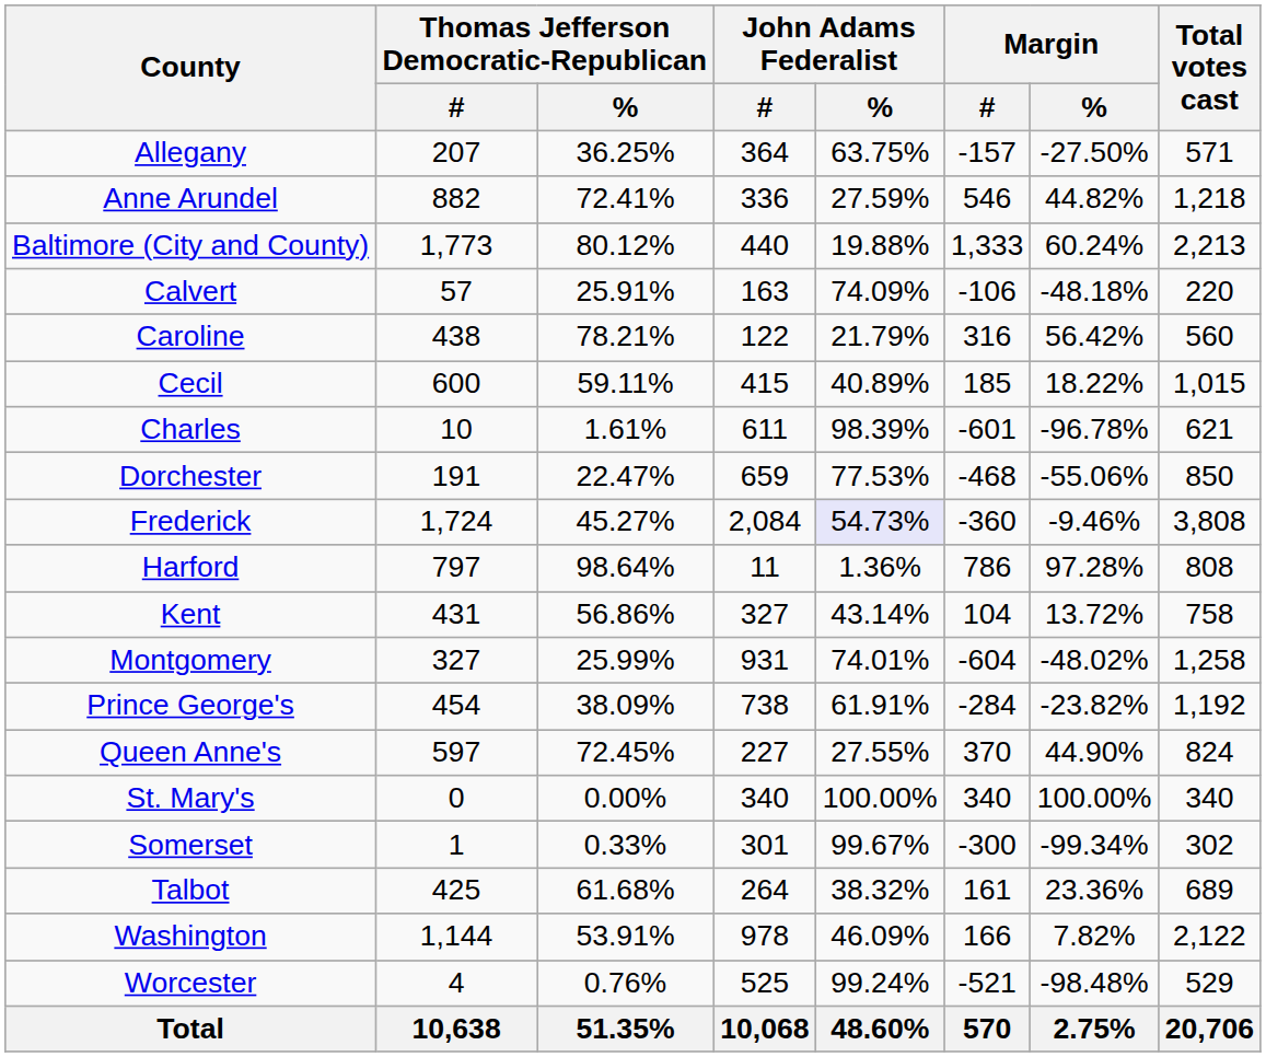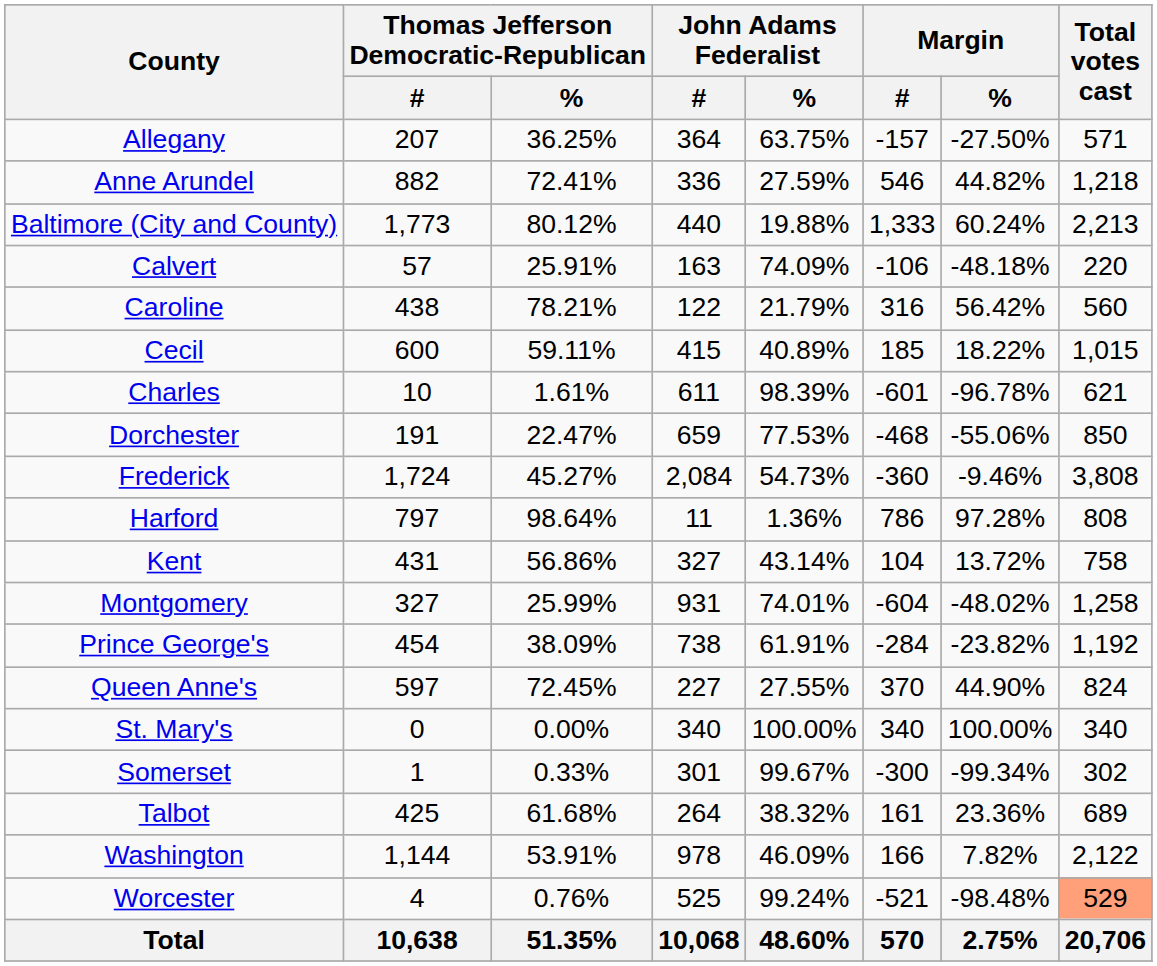 <table class="wikitable sortable">
 <tr>
 <th rowspan="2">County</th>
 <th colspan="2">Thomas Jefferson<br>Democratic-Republican</th>
 <th colspan="2">John Adams<br>Federalist</th>
 <th colspan="2">Margin</th>
 <th rowspan="2">Total<br>votes<br>cast</th>
 </tr>
 <tr>
 <th>#</th>
 <th>%</th>
 <th>#</th>
 <th>%</th>
 <th>#</th>
 <th>%</th>
 </tr>
 <tr style="text-align:center;">
 <td><a href='#'>Allegany</a></td>
 <td>207</td>
 <td>36.25%</td>
 <td>364</td>
 <td>63.75%</td>
 <td>-157</td>
 <td>-27.50%</td>
 <td>571</td>
 </tr>
 <tr style="text-align:center;">
 <td><a href='#'>Anne Arundel</a></td>
 <td>882</td>
 <td>72.41%</td>
 <td>336</td>
 <td>27.59%</td>
 <td>546</td>
 <td>44.82%</td>
 <td>1,218</td>
 </tr>
 <tr style="text-align:center;">
 <td><a href='#'>Baltimore (City and County)</a></td>
 <td>1,773</td>
 <td>80.12%</td>
 <td>440</td>
 <td>19.88%</td>
 <td>1,333</td>
 <td>60.24%</td>
 <td>2,213</td>
 </tr>
 <tr style="text-align:center;">
 <td><a href='#'>Calvert</a></td>
 <td>57</td>
 <td>25.91%</td>
 <td>163</td>
 <td>74.09%</td>
 <td>-106</td>
 <td>-48.18%</td>
 <td>220</td>
 </tr>
 <tr style="text-align:center;">
 <td><a href='#'>Caroline</a></td>
 <td>438</td>
 <td>78.21%</td>
 <td>122</td>
 <td>21.79%</td>
 <td>316</td>
 <td>56.42%</td>
 <td>560</td>
 </tr>
 <tr style="text-align:center;">
 <td><a href='#'>Cecil</a></td>
 <td>600</td>
 <td>59.11%</td>
 <td>415</td>
 <td>40.89%</td>
 <td>185</td>
 <td>18.22%</td>
 <td>1,015</td>
 </tr>
 <tr style="text-align:center;">
 <td><a href='#'>Charles</a></td>
 <td>10</td>
 <td>1.61%</td>
 <td>611</td>
 <td>98.39%</td>
 <td>-601</td>
 <td>-96.78%</td>
 <td>621</td>
 </tr>
 <tr style="text-align:center;">
 <td><a href='#'>Dorchester</a></td>
 <td>191</td>
 <td>22.47%</td>
 <td>659</td>
 <td>77.53%</td>
 <td>-468</td>
 <td>-55.06%</td>
 <td>850</td>
 </tr>
 <tr style="text-align:center;">
 <td><a href='#'>Frederick</a></td>
 <td>1,724</td>
 <td>45.27%</td>
 <td>2,084</td>
-<td style="background: lavender;">54.73%</td>
+<td>54.73%</td>
 <td>-360</td>
 <td>-9.46%</td>
 <td>3,808</td>
 </tr>
 <tr style="text-align:center;">
 <td><a href='#'>Harford</a></td>
 <td>797</td>
 <td>98.64%</td>
 <td>11</td>
 <td>1.36%</td>
 <td>786</td>
 <td>97.28%</td>
 <td>808</td>
 </tr>
 <tr style="text-align:center;">
 <td><a href='#'>Kent</a></td>
 <td>431</td>
 <td>56.86%</td>
 <td>327</td>
 <td>43.14%</td>
 <td>104</td>
 <td>13.72%</td>
 <td>758</td>
 </tr>
 <tr style="text-align:center;">
 <td><a href='#'>Montgomery</a></td>
 <td>327</td>
 <td>25.99%</td>
 <td>931</td>
 <td>74.01%</td>
 <td>-604</td>
 <td>-48.02%</td>
 <td>1,258</td>
 </tr>
 <tr style="text-align:center;">
 <td><a href='#'>Prince George's</a></td>
 <td>454</td>
 <td>38.09%</td>
 <td>738</td>
 <td>61.91%</td>
 <td>-284</td>
 <td>-23.82%</td>
 <td>1,192</td>
 </tr>
 <tr style="text-align:center;">
 <td><a href='#'>Queen Anne's</a></td>
 <td>597</td>
 <td>72.45%</td>
 <td>227</td>
 <td>27.55%</td>
 <td>370</td>
 <td>44.90%</td>
 <td>824</td>
 </tr>
 <tr style="text-align:center;">
 <td><a href='#'>St. Mary's</a></td>
 <td>0</td>
 <td>0.00%</td>
 <td>340</td>
 <td>100.00%</td>
 <td>340</td>
 <td>100.00%</td>
 <td>340</td>
 </tr>
 <tr style="text-align:center;">
 <td><a href='#'>Somerset</a></td>
 <td>1</td>
 <td>0.33%</td>
 <td>301</td>
 <td>99.67%</td>
 <td>-300</td>
 <td>-99.34%</td>
 <td>302</td>
 </tr>
 <tr style="text-align:center;">
 <td><a href='#'>Talbot</a></td>
 <td>425</td>
 <td>61.68%</td>
 <td>264</td>
 <td>38.32%</td>
 <td>161</td>
 <td>23.36%</td>
 <td>689</td>
 </tr>
 <tr style="text-align:center;">
 <td><a href='#'>Washington</a></td>
 <td>1,144</td>
 <td>53.91%</td>
 <td>978</td>
 <td>46.09%</td>
 <td>166</td>
 <td>7.82%</td>
 <td>2,122</td>
 </tr>
 <tr style="text-align:center;">
 <td><a href='#'>Worcester</a></td>
 <td>4</td>
 <td>0.76%</td>
 <td>525</td>
 <td>99.24%</td>
 <td>-521</td>
 <td>-98.48%</td>
-<td>529</td>
+<td style="background: lightsalmon;">529</td>
 </tr>
 <tr style="text-align:center;">
 <th>Total</th>
 <th>10,638</th>
 <th>51.35%</th>
 <th>10,068</th>
 <th>48.60%</th>
 <th>570</th>
 <th>2.75%</th>
 <th>20,706</th>
 </tr>
 </table>
